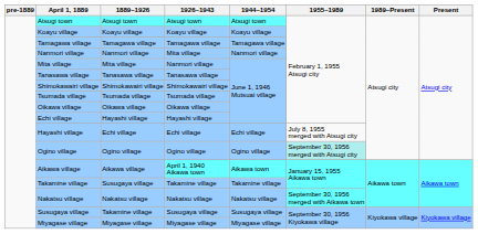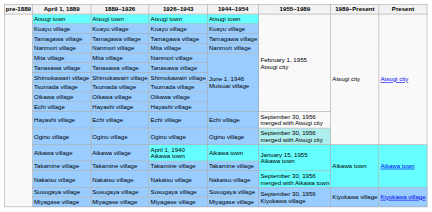 <table class="wikitable" style="font-size:x-small">
 <tr>
 <th>pre-1889</th>
 <th>April 1, 1889</th>
 <th>1889–1926</th>
 <th>1926–1943</th>
 <th>1944–1954</th>
 <th>1955–1989</th>
 <th>1989–Present</th>
 <th>Present</th>
 </tr>
 <tr>
 <td rowspan="17"> </td>
 <td style="background-color:#6ff;">Atsugi town</td>
 <td style="background-color:#6ff;">Atsugi town</td>
 <td style="background-color:#6ff;">Atsugi town</td>
 <td style="background-color:#6ff;">Atsugi town</td>
 <td rowspan="10">February 1, 1955<br> Atsugi city</td>
 <td rowspan="12">Atsugi city</td>
 <td rowspan="12"><a href='#'>Atsugi city</a></td>
 </tr>
 <tr>
 <td style="background-color:#9cf;">Koayu village</td>
 <td style="background-color:#9cf;">Koayu village</td>
 <td style="background-color:#9cf;">Koayu village</td>
 <td style="background-color:#9cf;">Koayu village</td>
 </tr>
 <tr>
 <td style="background-color:#9cf;">Tamagawa village</td>
 <td style="background-color:#9cf;">Tamagawa village</td>
 <td style="background-color:#9cf;">Tamagawa village</td>
 <td style="background-color:#9cf;">Tamagawa village</td>
 </tr>
 <tr>
 <td style="background-color:#9cf;">Nanmori village</td>
 <td style="background-color:#9cf;">Nanmori village</td>
 <td style="background-color:#9cf;">Mita village</td>
 <td style="background-color:#9cf;">Nanmori village</td>
 </tr>
 <tr>
 <td style="background-color:#9cf;">Mita village</td>
 <td style="background-color:#9cf;">Mita village</td>
 <td style="background-color:#9cf;">Nanmori village</td>
 <td rowspan="6" style="background-color:#9cf;">June 1, 1946<br>Mutsuai village</td>
 </tr>
 <tr>
 <td style="background-color:#9cf;">Tanasawa village</td>
 <td style="background-color:#9cf;">Tanasawa village</td>
 <td style="background-color:#9cf;">Tanasawa village</td>
 </tr>
 <tr>
 <td style="background-color:#9cf;">Shimokawairi village</td>
 <td style="background-color:#9cf;">Shimokawairi village</td>
 <td style="background-color:#9cf;">Shimokawairi village</td>
 </tr>
 <tr>
 <td style="background-color:#9cf;">Tsumada village</td>
 <td style="background-color:#9cf;">Tsumada village</td>
 <td style="background-color:#9cf;">Tsumada village</td>
 </tr>
 <tr>
 <td style="background-color:#9cf;">Oikawa village</td>
 <td style="background-color:#9cf;">Oikawa village</td>
 <td style="background-color:#9cf;">Oikawa village</td>
 </tr>
 <tr>
 <td style="background-color:#9cf;">Echi village</td>
 <td style="background-color:#9cf;">Hayashi village</td>
 <td style="background-color:#9cf;">Hayashi village</td>
 </tr>
 <tr>
 <td style="background-color:#9cf;">Hayashi village</td>
 <td style="background-color:#9cf;">Echi village</td>
 <td style="background-color:#9cf;">Echi village</td>
 <td style="background-color:#9cf;">Echi village</td>
-<td>July 8, 1955<br> merged with Atsugi city</td>
+<td>September 30, 1956<br>merged with Atsugi city</td>
 </tr>
 <tr>
 <td style="background-color:#9cf;">Ogino village</td>
 <td style="background-color:#9cf;">Ogino village</td>
 <td style="background-color:#9cf;">Ogino village</td>
 <td style="background-color:#9cf;">Ogino village</td>
 <td style="background: paleturquoise;">September 30, 1956<br>merged with Atsugi city</td>
 </tr>
 <tr>
 <td style="background-color:#9cf;">Aikawa village</td>
 <td style="background-color:#9cf;">Aikawa village</td>
 <td style="background-color:#6ff;">April 1, 1940<br>Aikawa town</td>
 <td style="background-color:#6ff;">Aikawa town</td>
 <td rowspan="2" style="background-color:#6ff;">January 15, 1955<br>Aikawa town</td>
 <td rowspan="3" style="background-color:#6ff;">Aikawa town</td>
 <td rowspan="3" style="background-color:#6ff;"><a href='#'>Aikawa town</a></td>
 </tr>
 <tr>
 <td style="background-color:#9cf;">Takamine village</td>
-<td style="background-color:#9cf;">Susugaya village</td>
+<td style="background-color:#9cf;">Takamine village</td>
 <td style="background-color:#9cf;">Takamine village</td>
 <td style="background-color:#9cf;">Takamine village</td>
 </tr>
 <tr>
 <td style="background-color:#9cf;">Nakatsu village</td>
 <td style="background-color:#9cf;">Nakatsu village</td>
 <td style="background-color:#9cf;">Nakatsu village</td>
 <td style="background-color:#9cf;">Nakatsu village</td>
 <td style="background-color:#6ff;">September 30, 1956<br> merged with Aikawa town</td>
 </tr>
 <tr>
 <td style="background-color:#9cf;">Susugaya village</td>
-<td style="background-color:#9cf;">Takamine village</td>
+<td style="background-color:#9cf;">Susugaya village</td>
 <td style="background-color:#9cf;">Susugaya village</td>
 <td style="background-color:#9cf;">Susugaya village</td>
 <td rowspan="2" style="background-color:#9cf;">September 30, 1956<br> Kiyokawa village</td>
 <td rowspan="2" style="background-color:#9cf;">Kiyokawa village</td>
 <td rowspan="2" style="background-color:#9cf;"><a href='#'>Kiyokawa village</a></td>
 </tr>
 <tr>
 <td style="background-color:#9cf;">Miyagase village</td>
 <td style="background-color:#9cf;">Miyagase village</td>
 <td style="background-color:#9cf;">Miyagase village</td>
 <td style="background-color:#9cf;">Miyagase village</td>
 </tr>
 </table>
